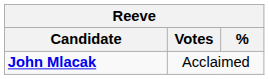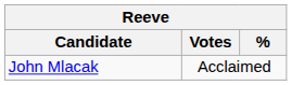 <table class="wikitable">
 <tr>
 <th colspan="3">Reeve</th>
 </tr>
 <tr>
 <th style="width: 170px">Candidate</th>
 <th style="width: 50px">Votes</th>
 <th style="width: 40px">%</th>
 </tr>
 <tr>
-<td><strong><a href='#'>John Mlacak</a></strong></td>
+<td><a href='#'>John Mlacak</a></td>
 <td colspan="2" align="center">Acclaimed</td>
 </tr>
 </table>
